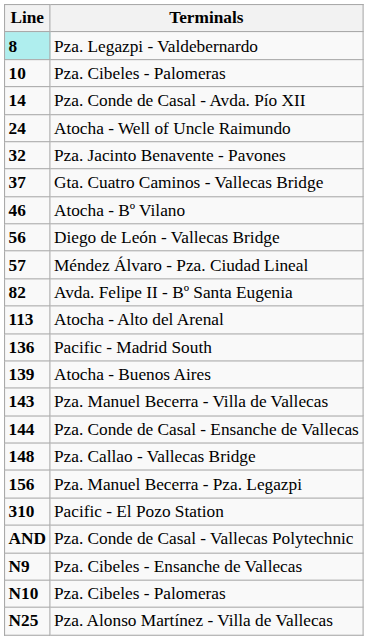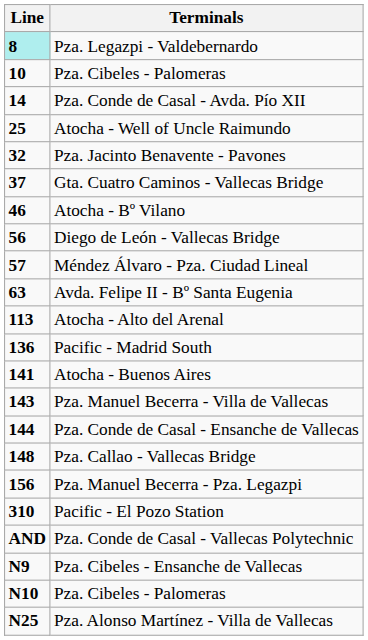 <table class="wikitable">
 <tr>
 <th>Line</th>
 <th>Terminals</th>
 </tr>
 <tr>
 <td style="background: paleturquoise;"><strong>8</strong></td>
 <td>Pza. Legazpi - Valdebernardo</td>
 </tr>
 <tr>
 <td><strong>10</strong></td>
 <td>Pza. Cibeles - Palomeras</td>
 </tr>
 <tr>
 <td><strong>14</strong></td>
 <td>Pza. Conde de Casal - Avda. Pío XII</td>
 </tr>
 <tr>
-<td><strong>24</strong></td>
+<td><strong>25</strong></td>
 <td>Atocha - Well of Uncle Raimundo</td>
 </tr>
 <tr>
 <td><strong>32</strong></td>
 <td>Pza. Jacinto Benavente - Pavones</td>
 </tr>
 <tr>
 <td><strong>37</strong></td>
 <td>Gta. Cuatro Caminos - Vallecas Bridge</td>
 </tr>
 <tr>
 <td><strong>46</strong></td>
 <td>Atocha - Bº Vilano</td>
 </tr>
 <tr>
 <td><strong>56</strong></td>
 <td>Diego de León - Vallecas Bridge</td>
 </tr>
 <tr>
 <td><strong>57</strong></td>
 <td>Méndez Álvaro - Pza. Ciudad Lineal</td>
 </tr>
 <tr>
-<td><strong>82</strong></td>
+<td><strong>63</strong></td>
 <td>Avda. Felipe II - Bº Santa Eugenia</td>
 </tr>
 <tr>
 <td><strong>113</strong></td>
 <td>Atocha - Alto del Arenal</td>
 </tr>
 <tr>
 <td><strong>136</strong></td>
 <td>Pacific - Madrid South</td>
 </tr>
 <tr>
-<td><strong>139</strong></td>
+<td><strong>141</strong></td>
 <td>Atocha - Buenos Aires</td>
 </tr>
 <tr>
 <td><strong>143</strong></td>
 <td>Pza. Manuel Becerra - Villa de Vallecas</td>
 </tr>
 <tr>
 <td><strong>144</strong></td>
 <td>Pza. Conde de Casal - Ensanche de Vallecas</td>
 </tr>
 <tr>
 <td><strong>148</strong></td>
 <td>Pza. Callao - Vallecas Bridge</td>
 </tr>
 <tr>
 <td><strong>156</strong></td>
 <td>Pza. Manuel Becerra - Pza. Legazpi</td>
 </tr>
 <tr>
 <td><strong>310</strong></td>
 <td>Pacific - El Pozo Station</td>
 </tr>
 <tr>
 <td><strong>AND</strong></td>
 <td>Pza. Conde de Casal - Vallecas Polytechnic</td>
 </tr>
 <tr>
 <td><strong>N9</strong></td>
 <td>Pza. Cibeles - Ensanche de Vallecas</td>
 </tr>
 <tr>
 <td><strong>N10</strong></td>
 <td>Pza. Cibeles - Palomeras</td>
 </tr>
 <tr>
 <td><strong>N25</strong></td>
 <td>Pza. Alonso Martínez - Villa de Vallecas</td>
 </tr>
 </table>
